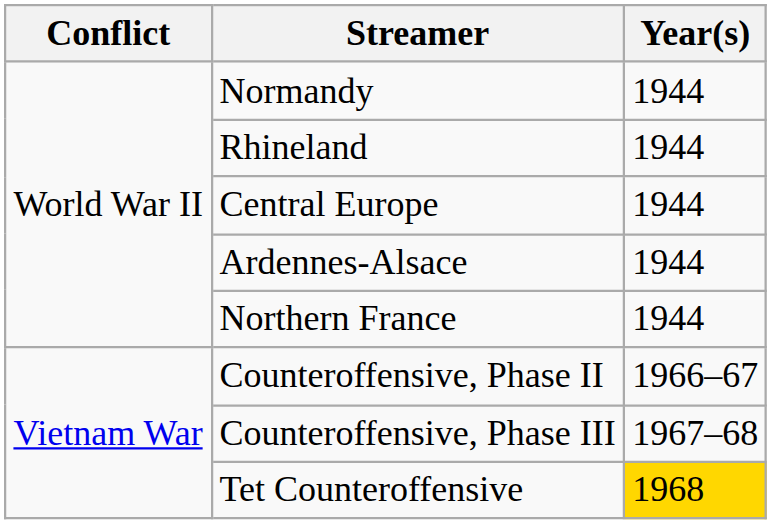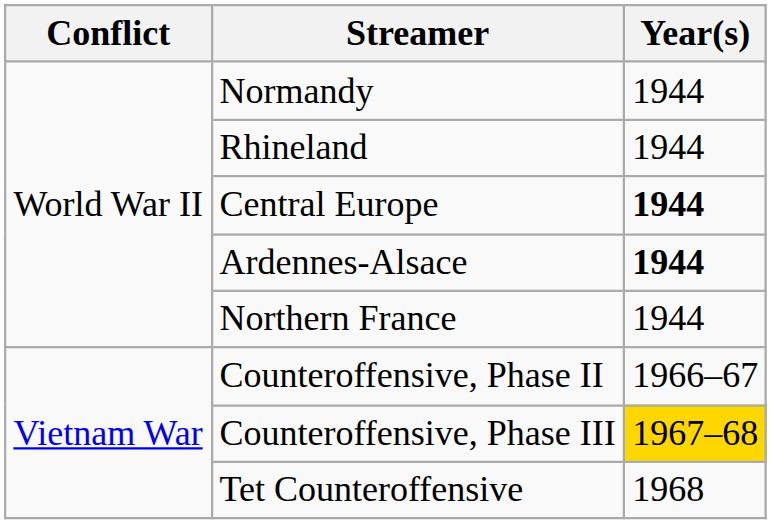 <table class=wikitable>
 <tr>
 <th>Conflict</th>
 <th>Streamer</th>
 <th>Year(s)</th>
 </tr>
 <tr>
 <td rowspan="5">World War II <br> </td>
 <td>Normandy</td>
 <td>1944</td>
 </tr>
 <tr>
 <td>Rhineland</td>
 <td>1944</td>
 </tr>
 <tr>
 <td>Central Europe</td>
-<td>1944</td>
+<td><strong>1944</strong></td>
 </tr>
 <tr>
 <td>Ardennes-Alsace</td>
-<td>1944</td>
+<td><strong>1944</strong></td>
 </tr>
 <tr>
 <td>Northern France</td>
 <td>1944</td>
 </tr>
 <tr>
 <td rowspan="5"><a href='#'>Vietnam War</a> <br> </td>
 <td>Counteroffensive, Phase II</td>
 <td>1966–67</td>
 </tr>
 <tr>
 <td>Counteroffensive, Phase III</td>
-<td>1967–68</td>
+<td style="background: gold;">1967–68</td>
 </tr>
 <tr>
 <td>Tet Counteroffensive</td>
-<td style="background: gold;">1968</td>
+<td>1968</td>
 </tr>
 </table>
